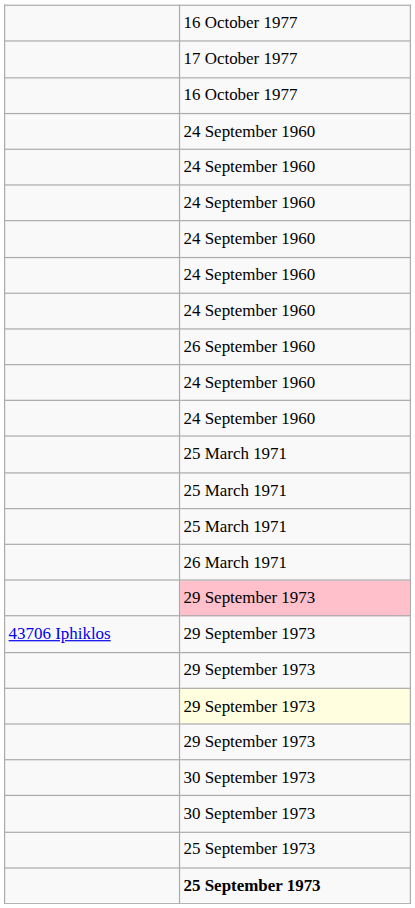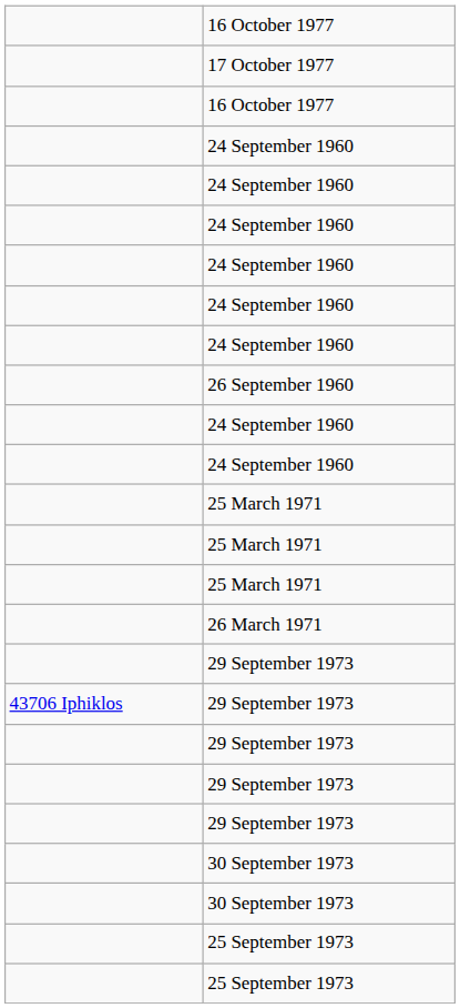 <table class="wikitable" style="font-size: 89%; float: left; width: 24em; margin-right: 1em; line-height: 1.65em">
 <tr>
 <td></td>
 <td>16 October 1977</td>
 </tr>
 <tr>
 <td></td>
 <td>17 October 1977</td>
 </tr>
 <tr>
 <td></td>
 <td>16 October 1977</td>
 </tr>
 <tr>
 <td></td>
 <td>24 September 1960</td>
 </tr>
 <tr>
 <td></td>
 <td>24 September 1960</td>
 </tr>
 <tr>
 <td></td>
 <td>24 September 1960</td>
 </tr>
 <tr>
 <td></td>
 <td>24 September 1960</td>
 </tr>
 <tr>
 <td></td>
 <td>24 September 1960</td>
 </tr>
 <tr>
 <td></td>
 <td>24 September 1960</td>
 </tr>
 <tr>
 <td></td>
 <td>26 September 1960</td>
 </tr>
 <tr>
 <td></td>
 <td>24 September 1960</td>
 </tr>
 <tr>
 <td></td>
 <td>24 September 1960</td>
 </tr>
 <tr>
 <td></td>
 <td>25 March 1971</td>
 </tr>
 <tr>
 <td></td>
 <td>25 March 1971</td>
 </tr>
 <tr>
 <td></td>
 <td>25 March 1971</td>
 </tr>
 <tr>
 <td></td>
 <td>26 March 1971</td>
 </tr>
 <tr>
 <td></td>
-<td style="background: pink;">29 September 1973</td>
+<td>29 September 1973</td>
 </tr>
 <tr>
 <td><a href='#'>43706 Iphiklos</a></td>
 <td>29 September 1973</td>
 </tr>
 <tr>
 <td></td>
 <td>29 September 1973</td>
 </tr>
 <tr>
 <td></td>
-<td style="background: lightyellow;">29 September 1973</td>
+<td>29 September 1973</td>
 </tr>
 <tr>
 <td></td>
 <td>29 September 1973</td>
 </tr>
 <tr>
 <td></td>
 <td>30 September 1973</td>
 </tr>
 <tr>
 <td></td>
 <td>30 September 1973</td>
 </tr>
 <tr>
 <td></td>
 <td>25 September 1973</td>
 </tr>
 <tr>
 <td></td>
-<td><strong>25 September 1973</strong></td>
+<td>25 September 1973</td>
 </tr>
 </table>
